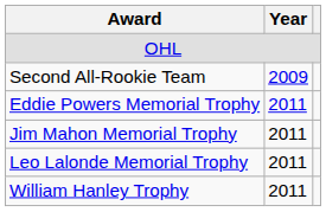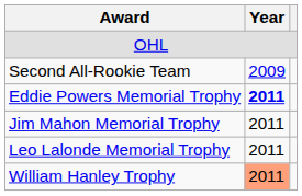 <table class="wikitable">
 <tr>
 <th>Award</th>
 <th>Year</th>
 <th></th>
 </tr>
 <tr ALIGN="center" bgcolor="#e0e0e0">
 <td colspan="3"><a href='#'>OHL</a></td>
 </tr>
 <tr>
 <td>Second All-Rookie Team</td>
 <td><a href='#'>2009</a></td>
 <td></td>
 </tr>
 <tr>
 <td><a href='#'>Eddie Powers Memorial Trophy</a></td>
-<td><a href='#'>2011</a></td>
+<td><strong><a href='#'>2011</a></strong></td>
 <td></td>
 </tr>
 <tr>
 <td><a href='#'>Jim Mahon Memorial Trophy</a></td>
 <td>2011</td>
 <td></td>
 </tr>
 <tr>
 <td><a href='#'>Leo Lalonde Memorial Trophy</a></td>
 <td>2011</td>
 <td></td>
 </tr>
 <tr>
 <td><a href='#'>William Hanley Trophy</a></td>
-<td>2011</td>
+<td style="background: lightsalmon;">2011</td>
 <td></td>
 </tr>
 </table>
